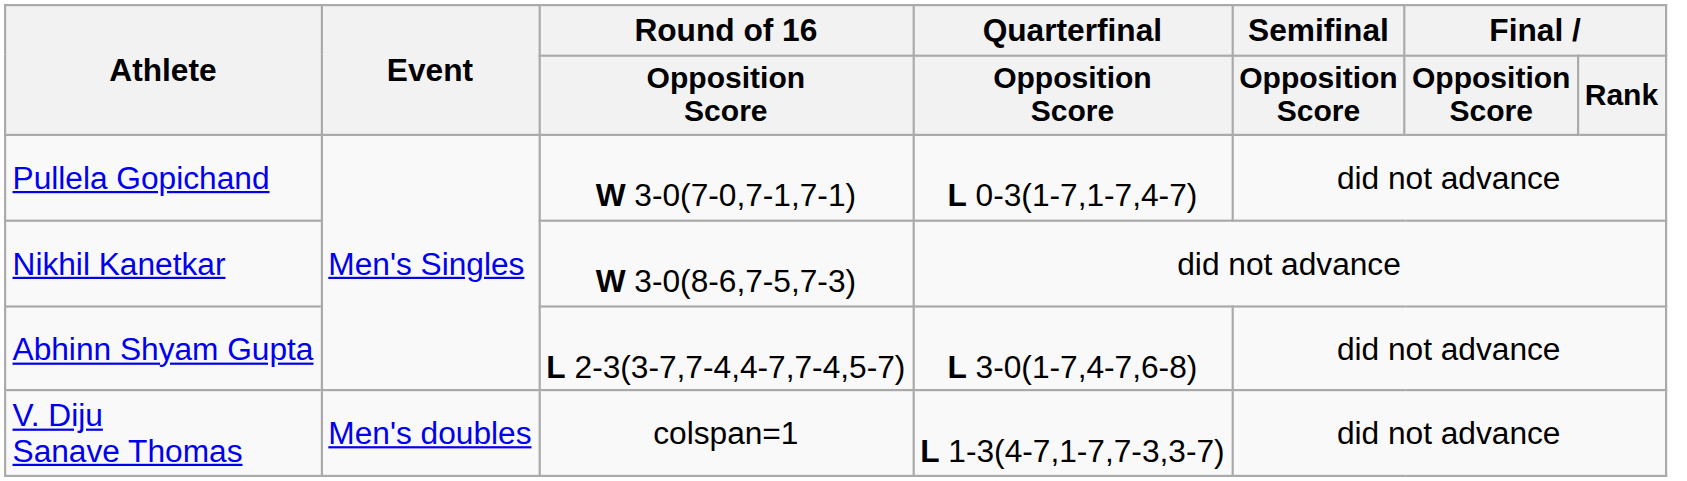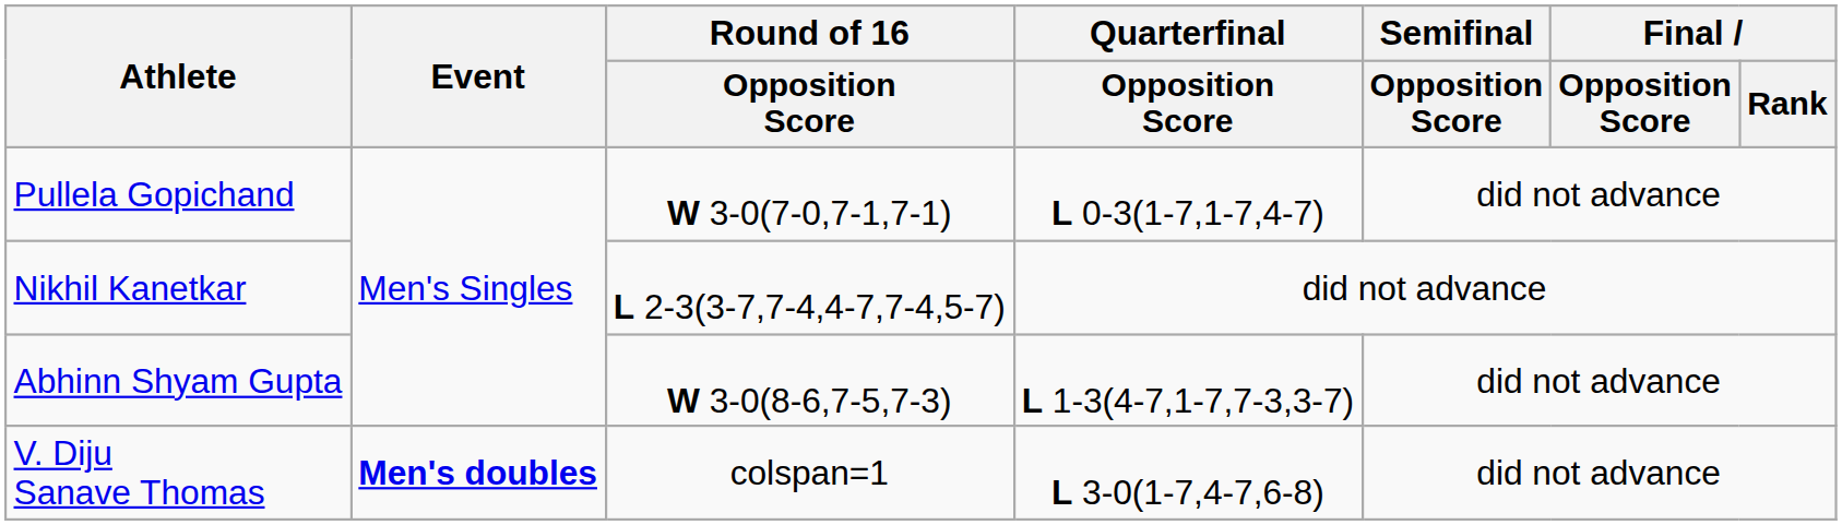 <table class=wikitable style="font-size:90%">
 <tr>
 <th rowspan="2">Athlete</th>
 <th rowspan="2">Event</th>
 <th>Round of 16</th>
 <th>Quarterfinal</th>
 <th>Semifinal</th>
 <th colspan=2>Final / </th>
 </tr>
 <tr style="font-size:95%">
 <th>Opposition<br>Score</th>
 <th>Opposition<br>Score</th>
 <th>Opposition<br>Score</th>
 <th>Opposition<br>Score</th>
 <th>Rank</th>
 </tr>
 <tr align=center>
 <td align=left><a href='#'>Pullela Gopichand</a></td>
 <td align=left rowspan=3><a href='#'>Men's Singles</a></td>
 <td><br><strong>W</strong> 3-0(7-0,7-1,7-1)</td>
 <td><br><strong>L</strong> 0-3(1-7,1-7,4-7)</td>
 <td colspan=3>did not advance</td>
 </tr>
 <tr align=center>
 <td align=left><a href='#'>Nikhil Kanetkar</a></td>
-<td><br><strong>W</strong> 3-0(8-6,7-5,7-3)</td>
+<td><br><strong>L</strong> 2-3(3-7,7-4,4-7,7-4,5-7)</td>
 <td colspan=4>did not advance</td>
 </tr>
 <tr align=center>
 <td align=left><a href='#'>Abhinn Shyam Gupta</a></td>
-<td><br><strong>L</strong> 2-3(3-7,7-4,4-7,7-4,5-7)</td>
-<td><br><strong>L</strong> 3-0(1-7,4-7,6-8)</td>
+<td><br><strong>W</strong> 3-0(8-6,7-5,7-3)</td>
+<td><br><strong>L</strong> 1-3(4-7,1-7,7-3,3-7)</td>
 <td colspan=3>did not advance</td>
 </tr>
 <tr align=center>
 <td align=left><a href='#'>V. Diju</a><br><a href='#'>Sanave Thomas</a></td>
-<td align=left><a href='#'>Men's doubles</a></td>
+<td align=left><strong><a href='#'>Men's doubles</a></strong></td>
 <td>colspan=1 </td>
-<td><br><strong>L</strong> 1-3(4-7,1-7,7-3,3-7)</td>
+<td><br><strong>L</strong> 3-0(1-7,4-7,6-8)</td>
 <td colspan=3>did not advance</td>
 </tr>
 </table>
